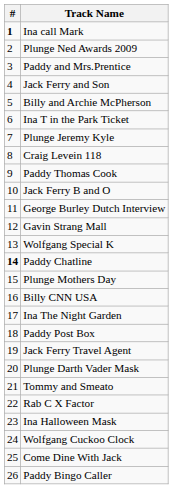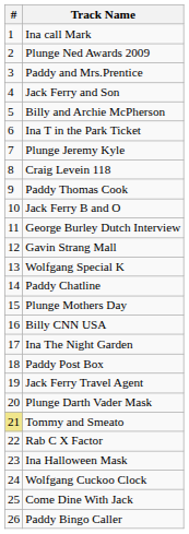 <table class="wikitable">
 <tr>
 <th>#</th>
 <th>Track Name</th>
 </tr>
 <tr>
-<td><strong>1</strong></td>
+<td>1</td>
 <td>Ina call Mark</td>
 </tr>
 <tr>
 <td>2</td>
 <td>Plunge Ned Awards 2009</td>
 </tr>
 <tr>
 <td>3</td>
 <td>Paddy and Mrs.Prentice</td>
 </tr>
 <tr>
 <td>4</td>
 <td>Jack Ferry and Son</td>
 </tr>
 <tr>
 <td>5</td>
 <td>Billy and Archie McPherson</td>
 </tr>
 <tr>
 <td>6</td>
 <td>Ina T in the Park Ticket</td>
 </tr>
 <tr>
 <td>7</td>
 <td>Plunge Jeremy Kyle</td>
 </tr>
 <tr>
 <td>8</td>
 <td>Craig Levein 118</td>
 </tr>
 <tr>
 <td>9</td>
 <td>Paddy Thomas Cook</td>
 </tr>
 <tr>
 <td>10</td>
 <td>Jack Ferry B and O</td>
 </tr>
 <tr>
 <td>11</td>
 <td>George Burley Dutch Interview</td>
 </tr>
 <tr>
 <td>12</td>
 <td>Gavin Strang Mall</td>
 </tr>
 <tr>
 <td>13</td>
 <td>Wolfgang Special K</td>
 </tr>
 <tr>
-<td><strong>14</strong></td>
+<td>14</td>
 <td>Paddy Chatline</td>
 </tr>
 <tr>
 <td>15</td>
 <td>Plunge Mothers Day</td>
 </tr>
 <tr>
 <td>16</td>
 <td>Billy CNN USA</td>
 </tr>
 <tr>
 <td>17</td>
 <td>Ina The Night Garden</td>
 </tr>
 <tr>
 <td>18</td>
 <td>Paddy Post Box</td>
 </tr>
 <tr>
 <td>19</td>
 <td>Jack Ferry Travel Agent</td>
 </tr>
 <tr>
 <td>20</td>
 <td>Plunge Darth Vader Mask</td>
 </tr>
 <tr>
-<td>21</td>
+<td style="background: khaki;">21</td>
 <td>Tommy and Smeato</td>
 </tr>
 <tr>
 <td>22</td>
 <td>Rab C X Factor</td>
 </tr>
 <tr>
 <td>23</td>
 <td>Ina Halloween Mask</td>
 </tr>
 <tr>
 <td>24</td>
 <td>Wolfgang Cuckoo Clock</td>
 </tr>
 <tr>
 <td>25</td>
 <td>Come Dine With Jack</td>
 </tr>
 <tr>
 <td>26</td>
 <td>Paddy Bingo Caller</td>
 </tr>
 </table>
